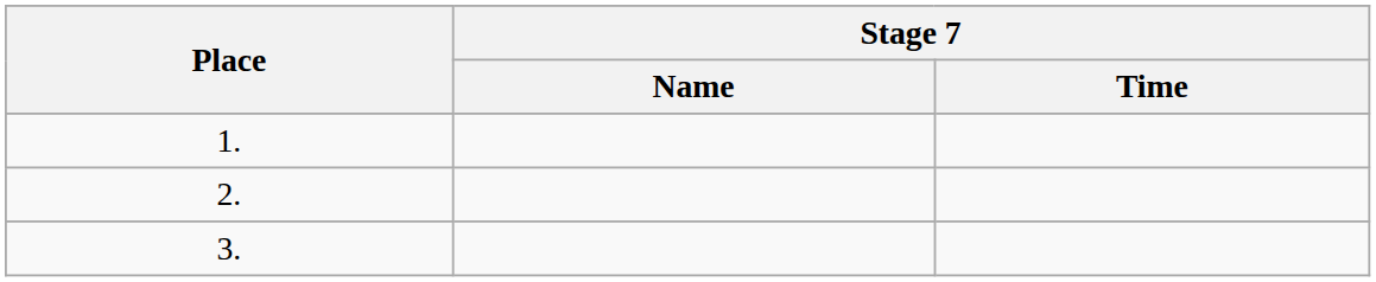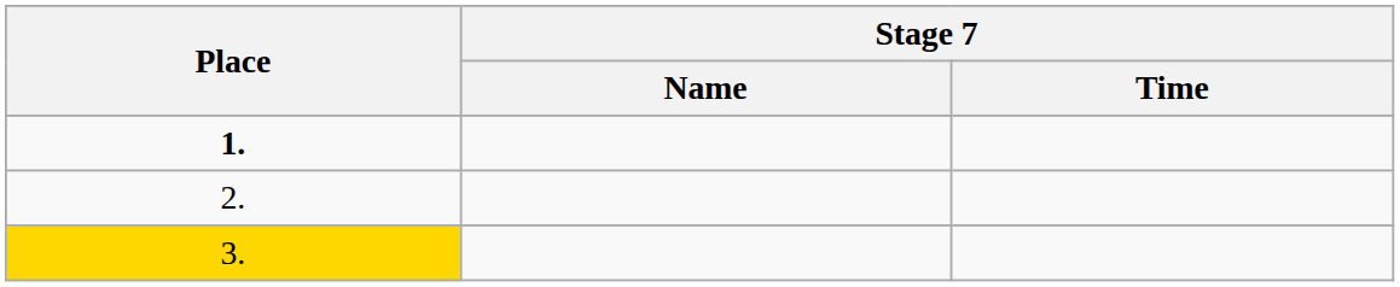 <table class=wikitable style="font-size:95%" width="50%">
 <tr>
 <th rowspan="2">Place</th>
 <th colspan="2">Stage 7</th>
 </tr>
 <tr>
 <th>Name</th>
 <th>Time</th>
 </tr>
 <tr>
-<td align="center">1.</td>
+<td align="center"><strong>1.</strong></td>
 <td></td>
 <td></td>
 </tr>
 <tr>
 <td align="center">2.</td>
 <td></td>
 <td></td>
 </tr>
 <tr>
-<td align="center">3.</td>
+<td align="center" style="background: gold;">3.</td>
 <td></td>
 <td></td>
 </tr>
 </table>
